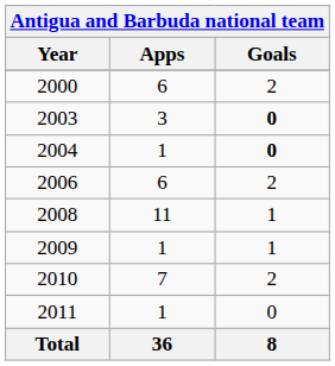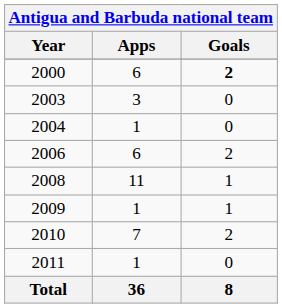 <table class="wikitable" style="text-align:center">
 <tr>
 <th colspan=3><a href='#'>Antigua and Barbuda national team</a></th>
 </tr>
 <tr>
 <th>Year</th>
 <th>Apps</th>
 <th>Goals</th>
 </tr>
 <tr>
 </tr>
 <tr>
 <td>2000</td>
 <td>6</td>
-<td>2</td>
+<td><strong>2</strong></td>
 </tr>
 <tr>
 <td>2003</td>
 <td>3</td>
-<td><strong>0</strong></td>
+<td>0</td>
 </tr>
 <tr>
 <td>2004</td>
 <td>1</td>
-<td><strong>0</strong></td>
+<td>0</td>
 </tr>
 <tr>
 <td>2006</td>
 <td>6</td>
 <td>2</td>
 </tr>
 <tr>
 <td>2008</td>
 <td>11</td>
 <td>1</td>
 </tr>
 <tr>
 <td>2009</td>
 <td>1</td>
 <td>1</td>
 </tr>
 <tr>
 <td>2010</td>
 <td>7</td>
 <td>2</td>
 </tr>
 <tr>
 <td>2011</td>
 <td>1</td>
 <td>0</td>
 </tr>
 <tr>
 <th>Total</th>
 <th>36</th>
 <th>8</th>
 </tr>
 </table>
